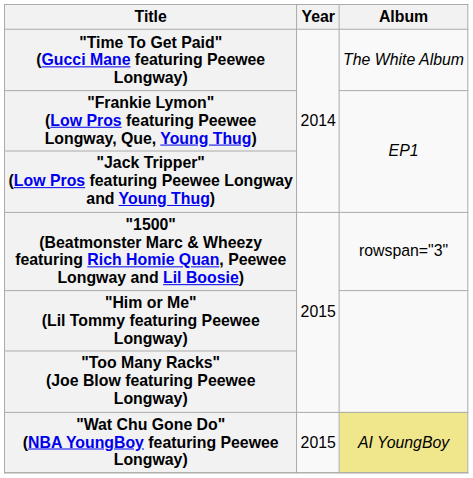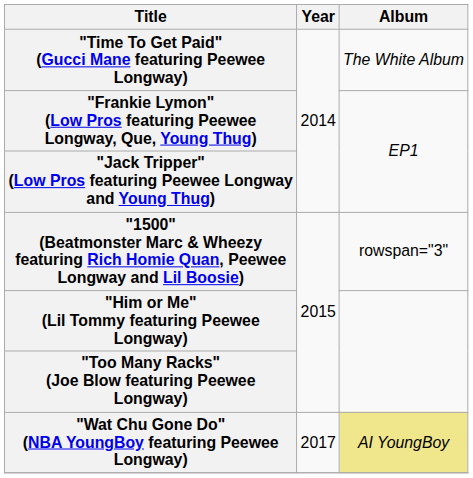 <table class="wikitable plainrowheaders" style="text-align:center;">
 <tr>
 <th scope="col" style="width:18em;">Title</th>
 <th scope="col">Year</th>
 <th scope="col">Album</th>
 </tr>
 <tr>
 <th scope="row">"Time To Get Paid"<br><span>(<a href='#'>Gucci Mane</a> featuring Peewee Longway)</span></th>
 <td rowspan="3">2014</td>
 <td><em>The White Album</em></td>
 </tr>
 <tr>
 <th scope="row">"Frankie Lymon"<br><span>(<a href='#'>Low Pros</a> featuring Peewee Longway, Que, <a href='#'>Young Thug</a>)</span></th>
 <td rowspan="2"><em>EP1</em></td>
 </tr>
 <tr>
 <th scope="row">"Jack Tripper"<br><span>(<a href='#'>Low Pros</a> featuring Peewee Longway and <a href='#'>Young Thug</a>)</span></th>
 </tr>
 <tr>
 <th scope="row">"1500"<br><span>(Beatmonster Marc & Wheezy featuring <a href='#'>Rich Homie Quan</a>, Peewee Longway and <a href='#'>Lil Boosie</a>)</span></th>
 <td rowspan="3">2015</td>
 <td>rowspan="3" </td>
 </tr>
 <tr>
 <th scope="row">"Him or Me"<br><span>(Lil Tommy featuring Peewee Longway)</span></th>
 </tr>
 <tr>
 <th scope="row">"Too Many Racks"<br><span>(Joe Blow featuring Peewee Longway)</span></th>
 </tr>
 <tr>
 <th scope="row">"Wat Chu Gone Do"<br><span>(<a href='#'>NBA YoungBoy</a> featuring Peewee Longway)</span></th>
-<td rowspan="1">2015</td>
+<td rowspan="1">2017</td>
 <td style="background: khaki;"><em>AI YoungBoy</em></td>
 </tr>
 <tr>
 </tr>
 </table>
